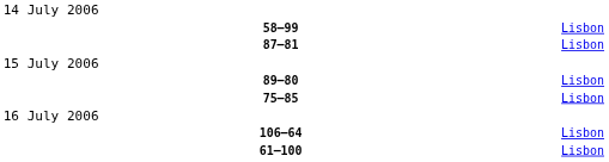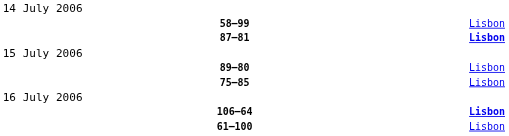 <table style="width:100%;" cellspacing="1">
 <tr>
 <th width=25%></th>
 <th width=3%></th>
 <th width=6%></th>
 <th width=3%></th>
 <th width=25%></th>
 </tr>
 <tr>
 <td>14 July 2006</td>
 </tr>
 <tr style=font-size:90%>
 <td align=right><strong></strong></td>
 <td></td>
 <td align=center><strong>58–99</strong></td>
 <td></td>
 <td><strong></strong></td>
 <td><a href='#'>Lisbon</a></td>
 </tr>
 <tr style=font-size:90%>
 <td align=right><strong></strong></td>
 <td></td>
 <td align=center><strong>87–81</strong></td>
 <td></td>
 <td><strong></strong></td>
-<td><a href='#'>Lisbon</a></td>
+<td><strong><a href='#'>Lisbon</a></strong></td>
 </tr>
 <tr>
 <td>15 July 2006</td>
 </tr>
 <tr style=font-size:90%>
 <td align=right><strong></strong></td>
 <td></td>
 <td align=center><strong>89–80</strong></td>
 <td></td>
 <td><strong></strong></td>
 <td><a href='#'>Lisbon</a></td>
 </tr>
 <tr style=font-size:90%>
 <td align=right><strong></strong></td>
 <td></td>
 <td align=center><strong>75–85</strong></td>
 <td></td>
 <td><strong></strong></td>
 <td><a href='#'>Lisbon</a></td>
 </tr>
 <tr>
 <td>16 July 2006</td>
 </tr>
 <tr style=font-size:90%>
 <td align=right><strong></strong></td>
 <td></td>
 <td align=center><strong>106–64</strong></td>
 <td></td>
 <td><strong></strong></td>
-<td><a href='#'>Lisbon</a></td>
+<td><strong><a href='#'>Lisbon</a></strong></td>
 </tr>
 <tr style=font-size:90%>
 <td align=right><strong></strong></td>
 <td></td>
 <td align=center><strong>61–100</strong></td>
 <td></td>
 <td><strong></strong></td>
 <td><a href='#'>Lisbon</a></td>
 </tr>
 </table>
